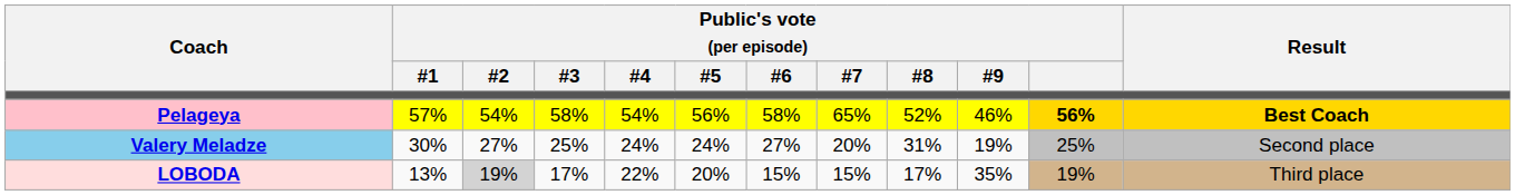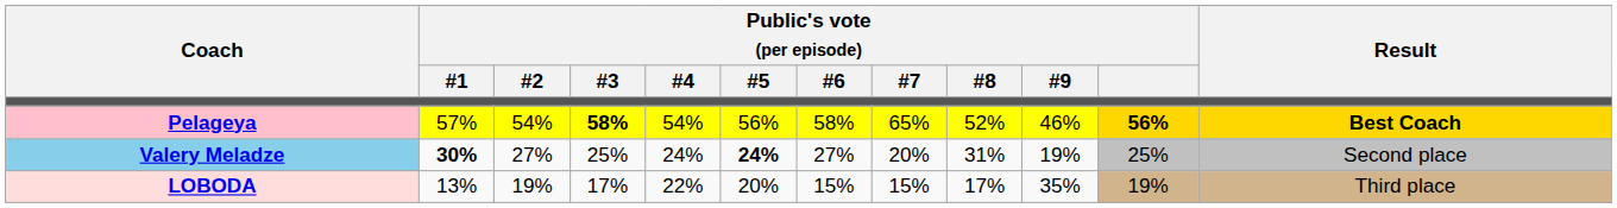 <table class="wikitable sortable" style="text-align:center; width:100%;">
 <tr>
 <th rowspan=2 style="width:10%;">Coach</th>
 <th colspan=10 style="width:10%;">Public's vote<br><sub>(per episode)</sub></th>
 <th rowspan=2 style="width:10%;">Result</th>
 </tr>
 <tr>
 <th style="width:1%;">#1</th>
 <th style="width:1%;">#2</th>
 <th style="width:1%;">#3</th>
 <th style="width:1%;">#4</th>
 <th style="width:1%;">#5</th>
 <th style="width:1%;">#6</th>
 <th style="width:1%;">#7</th>
 <th style="width:1%;">#8</th>
 <th style="width:1%;">#9</th>
 <th style="width:2%;"></th>
 </tr>
 <tr>
 <td colspan="16" style="background:#555;"></td>
 </tr>
 <tr>
 <th style="background:pink;"><a href='#'>Pelageya</a></th>
 <td style="background:yellow;">57%</td>
 <td style="background:yellow;">54%</td>
-<td style="background:yellow;">58%</td>
+<td style="background:yellow;"><strong>58%</strong></td>
 <td style="background:yellow;">54%</td>
 <td style="background:yellow;">56%</td>
 <td style="background:yellow;">58%</td>
 <td style="background:yellow;">65%</td>
 <td style="background:yellow;">52%</td>
 <td style="background:yellow;">46%</td>
 <td style="background:gold;"><strong>56%</strong></td>
 <td style="background:gold;"><strong>Best Coach</strong></td>
 </tr>
 <tr>
 <th style="background:#87ceeb;"><a href='#'>Valery Meladze</a></th>
-<td>30%</td>
+<td><strong>30%</strong></td>
 <td>27%</td>
 <td>25%</td>
 <td>24%</td>
-<td>24%</td>
+<td><strong>24%</strong></td>
 <td>27%</td>
 <td>20%</td>
 <td>31%</td>
 <td>19%</td>
 <td style="background:silver;">25%</td>
 <td style="background:silver;">Second place</td>
 </tr>
 <tr>
 <th style="background:#ffdddd;"><a href='#'>LOBODA</a></th>
 <td>13%</td>
-<td style="background: lightgrey;">19%</td>
+<td>19%</td>
 <td>17%</td>
 <td>22%</td>
 <td>20%</td>
 <td>15%</td>
 <td>15%</td>
 <td>17%</td>
 <td>35%</td>
 <td style="background:tan;">19%</td>
 <td style="background:tan;">Third place</td>
 </tr>
 </table>
